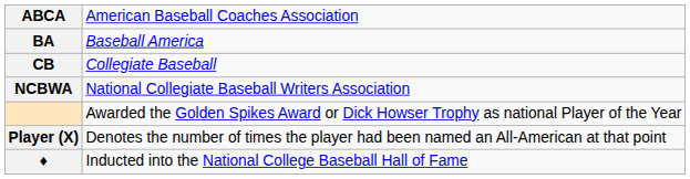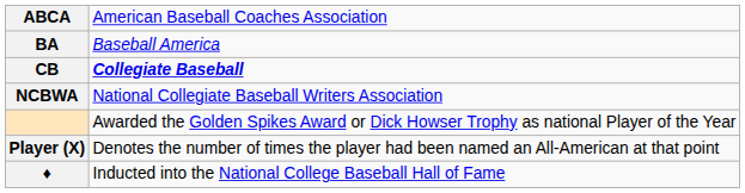 <table class="wikitable">
 <tr>
 <th scope="row" style="text-align:center">ABCA</th>
 <td><a href='#'>American Baseball Coaches Association</a></td>
 </tr>
 <tr>
 <th scope="row" style="text-align:center">BA</th>
 <td><em><a href='#'>Baseball America</a></em></td>
 </tr>
 <tr>
 <th scope="row" style="text-align:center">CB</th>
-<td><em><a href='#'>Collegiate Baseball</a></em></td>
+<td><strong><em><a href='#'>Collegiate Baseball</a></em></strong></td>
 </tr>
 <tr>
 <th scope="row" style="text-align:center">NCBWA</th>
 <td><a href='#'>National Collegiate Baseball Writers Association</a></td>
 </tr>
 <tr>
 <th scope="row" style="background:#ffe6bd;"></th>
 <td>Awarded the <a href='#'>Golden Spikes Award</a> or <a href='#'>Dick Howser Trophy</a> as national Player of the Year</td>
 </tr>
 <tr>
 <th scope="row" style="text-align:center">Player (X)</th>
 <td>Denotes the number of times the player had been named an All-American at that point</td>
 </tr>
 <tr>
 <th scope="row" style="text-align:center">♦</th>
 <td>Inducted into the <a href='#'>National College Baseball Hall of Fame</a></td>
 </tr>
 </table>
